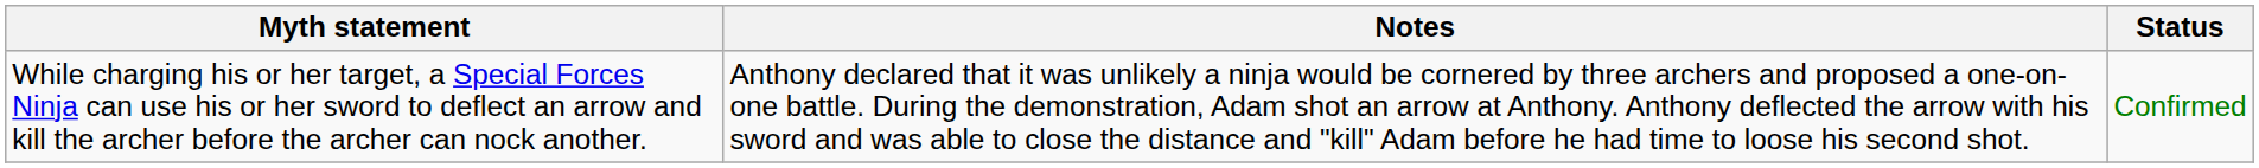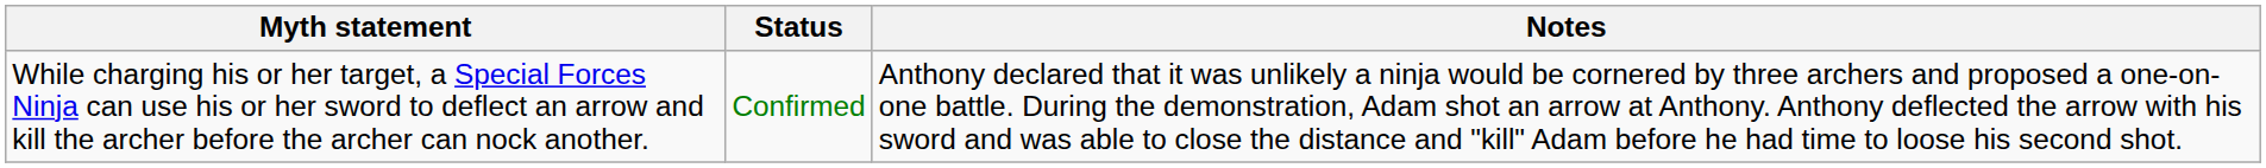 <table class="wikitable plainrowheaders">
 <tr>
 <th>Myth statement</th>
+<th>Status</th>
 <th>Notes</th>
-<th>Status</th>
 </tr>
 <tr>
 <td>While charging his or her target, a <a href='#'>Special Forces</a> <a href='#'>Ninja</a> can use his or her sword to deflect an arrow and kill the archer before the archer can nock another.</td>
+<td style="color:green">Confirmed</td>
 <td>Anthony declared that it was unlikely a ninja would be cornered by three archers and proposed a one-on-one battle. During the demonstration, Adam shot an arrow at Anthony. Anthony deflected the arrow with his sword and was able to close the distance and "kill" Adam before he had time to loose his second shot.</td>
-<td style="color:green">Confirmed</td>
 </tr>
 </table>
